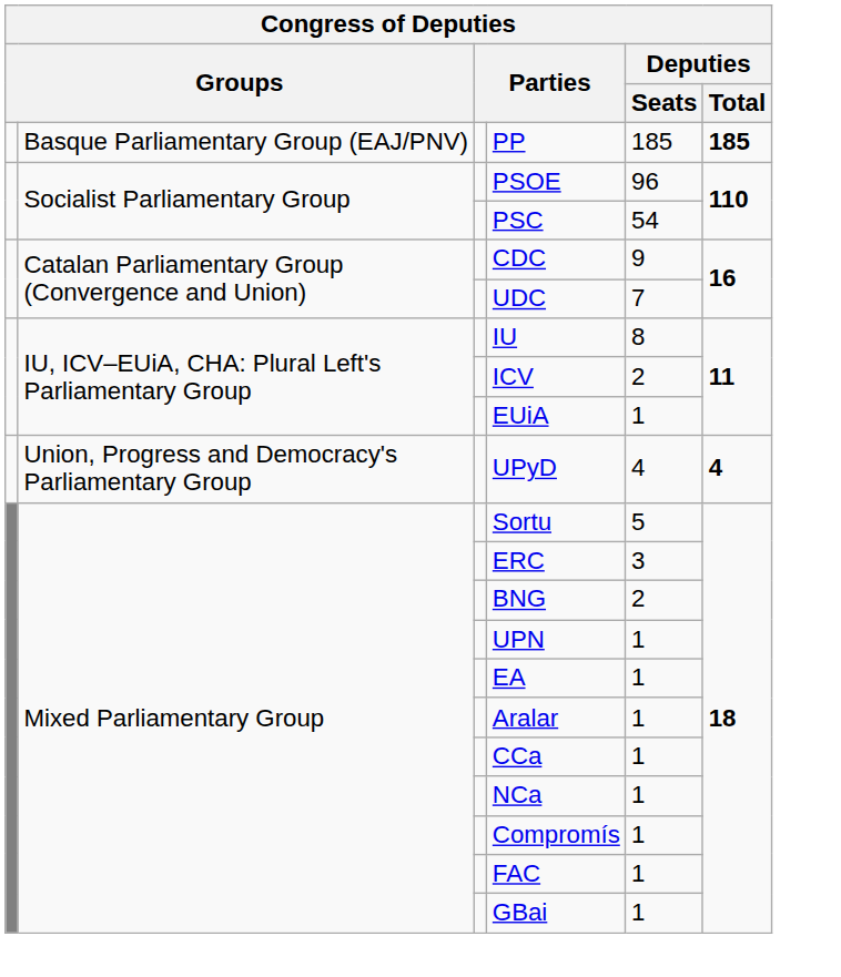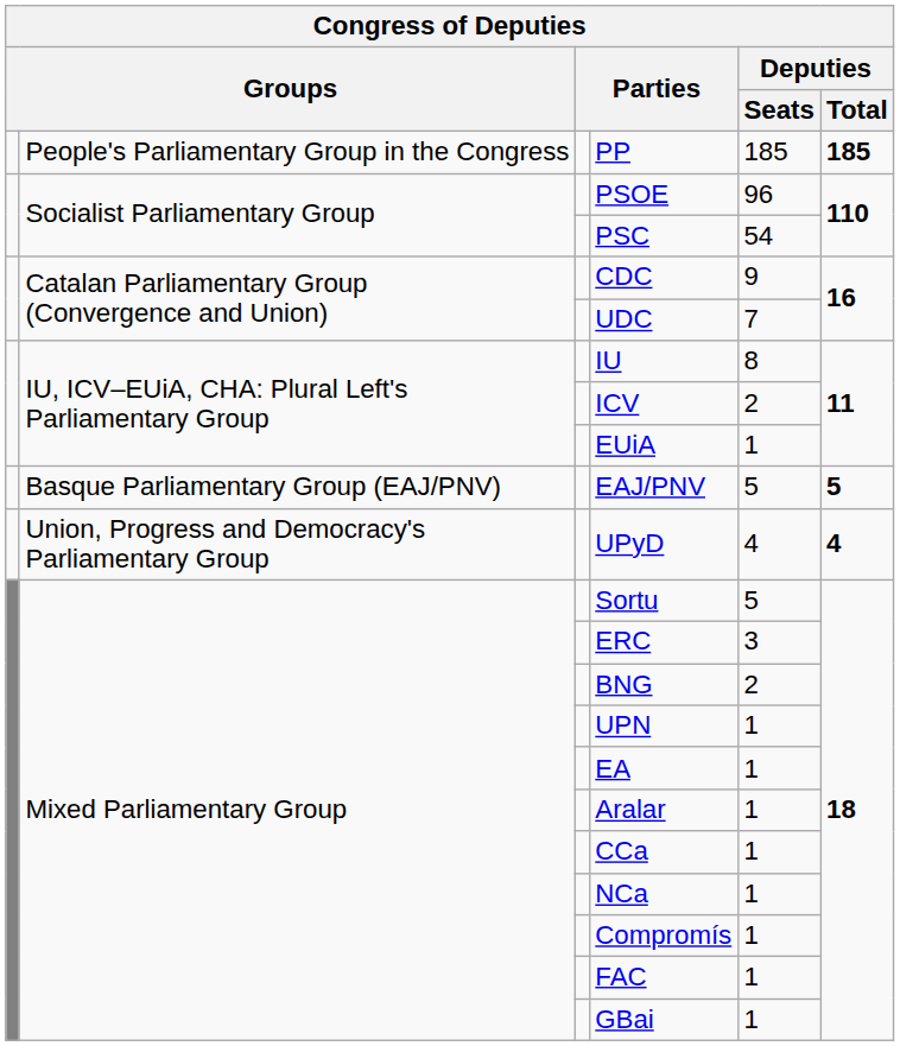 <table class="wikitable" style="text-align:left;">
 <tr>
 <th colspan="6">Congress of Deputies</th>
 </tr>
 <tr>
 <th rowspan="2" colspan="2">Groups</th>
 <th rowspan="2" colspan="2">Parties</th>
 <th colspan="2">Deputies</th>
 </tr>
 <tr>
 <th>Seats</th>
 <th>Total</th>
 </tr>
 <tr>
 <td width="1" style="color:inherit;background:"></td>
-<td>Basque Parliamentary Group (EAJ/PNV)</td>
+<td>People's Parliamentary Group in the Congress</td>
 <td width="1" style="color:inherit;background:"></td>
 <td><a href='#'>PP</a></td>
 <td>185</td>
 <td><strong>185</strong></td>
 </tr>
 <tr>
 <td rowspan="2" style="color:inherit;background:"></td>
 <td rowspan="2">Socialist Parliamentary Group</td>
 <td style="color:inherit;background:"></td>
 <td><a href='#'>PSOE</a></td>
 <td>96</td>
 <td rowspan="2"><strong>110</strong></td>
 </tr>
 <tr>
 <td style="color:inherit;background:"></td>
 <td><a href='#'>PSC</a></td>
 <td>54</td>
 </tr>
 <tr>
 <td rowspan="2" style="color:inherit;background:"></td>
 <td rowspan="2">Catalan Parliamentary Group<br>(Convergence and Union)</td>
 <td style="color:inherit;background:"></td>
 <td><a href='#'>CDC</a></td>
 <td>9</td>
 <td rowspan="2"><strong>16</strong></td>
 </tr>
 <tr>
 <td style="color:inherit;background:"></td>
 <td><a href='#'>UDC</a></td>
 <td>7</td>
 </tr>
 <tr>
 <td rowspan="3" style="color:inherit;background:"></td>
 <td rowspan="3">IU, ICV–EUiA, CHA: Plural Left's<br>Parliamentary Group</td>
 <td style="color:inherit;background:"></td>
 <td><a href='#'>IU</a></td>
 <td>8</td>
 <td rowspan="3"><strong>11</strong></td>
 </tr>
 <tr>
 <td style="color:inherit;background:"></td>
 <td><a href='#'>ICV</a></td>
 <td>2</td>
 </tr>
 <tr>
 <td style="color:inherit;background:"></td>
 <td><a href='#'>EUiA</a></td>
 <td>1</td>
+</tr>
+<tr>
+<td style="color:inherit;background:"></td>
+<td>Basque Parliamentary Group (EAJ/PNV)</td>
+<td style="color:inherit;background:"></td>
+<td><a href='#'>EAJ/PNV</a></td>
+<td>5</td>
+<td><strong>5</strong></td>
 </tr>
 <tr>
 <td style="color:inherit;background:"></td>
 <td>Union, Progress and Democracy's<br>Parliamentary Group</td>
 <td style="color:inherit;background:"></td>
 <td><a href='#'>UPyD</a></td>
 <td>4</td>
 <td><strong>4</strong></td>
 </tr>
 <tr>
 <td rowspan="11" bgcolor="gray"></td>
 <td rowspan="11">Mixed Parliamentary Group</td>
 <td style="color:inherit;background:"></td>
 <td><a href='#'>Sortu</a></td>
 <td>5</td>
 <td rowspan="11"><strong>18</strong></td>
 </tr>
 <tr>
 <td style="color:inherit;background:"></td>
 <td><a href='#'>ERC</a></td>
 <td>3</td>
 </tr>
 <tr>
 <td style="color:inherit;background:"></td>
 <td><a href='#'>BNG</a></td>
 <td>2</td>
 </tr>
 <tr>
 <td style="color:inherit;background:"></td>
 <td><a href='#'>UPN</a></td>
 <td>1</td>
 </tr>
 <tr>
 <td style="color:inherit;background:"></td>
 <td><a href='#'>EA</a></td>
 <td>1</td>
 </tr>
 <tr>
 <td style="color:inherit;background:"></td>
 <td><a href='#'>Aralar</a></td>
 <td>1</td>
 </tr>
 <tr>
 <td style="color:inherit;background:"></td>
 <td><a href='#'>CCa</a></td>
 <td>1</td>
 </tr>
 <tr>
 <td style="color:inherit;background:"></td>
 <td><a href='#'>NCa</a></td>
 <td>1</td>
 </tr>
 <tr>
 <td style="color:inherit;background:"></td>
 <td><a href='#'>Compromís</a></td>
 <td>1</td>
 </tr>
 <tr>
 <td style="color:inherit;background:"></td>
 <td><a href='#'>FAC</a></td>
 <td>1</td>
 </tr>
 <tr>
 <td style="color:inherit;background:"></td>
 <td><a href='#'>GBai</a></td>
 <td>1</td>
 </tr>
 </table>
